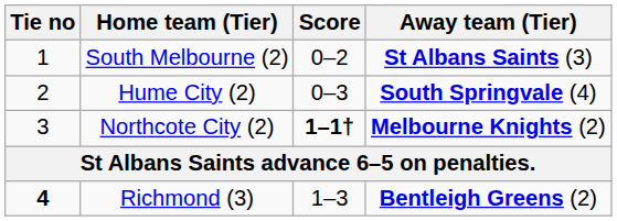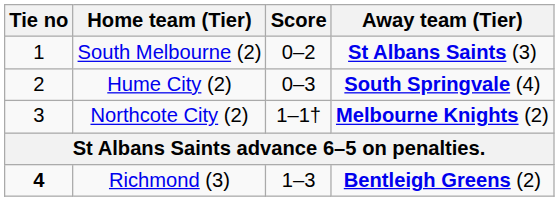 <table class="wikitable" style="text-align:center">
 <tr>
 <th>Tie no</th>
 <th>Home team (Tier)</th>
 <th>Score</th>
 <th>Away team (Tier)</th>
 </tr>
 <tr>
 <td>1</td>
 <td><a href='#'>South Melbourne</a> (2)</td>
 <td>0–2</td>
 <td><strong><a href='#'>St Albans Saints</a></strong> (3)</td>
 </tr>
 <tr>
 <td>2</td>
 <td><a href='#'>Hume City</a> (2)</td>
 <td>0–3</td>
 <td><strong><a href='#'>South Springvale</a></strong> (4)</td>
 </tr>
 <tr>
 <td>3</td>
 <td><a href='#'>Northcote City</a> (2)</td>
-<td><strong>1–1†</strong></td>
+<td>1–1†</td>
 <td><strong><a href='#'>Melbourne Knights</a></strong> (2)</td>
 </tr>
 <tr>
 <th colspan=4>St Albans Saints advance 6–5 on penalties.</th>
 </tr>
 <tr>
 <td><strong>4</strong></td>
 <td><a href='#'>Richmond</a> (3)</td>
 <td>1–3</td>
 <td><strong><a href='#'>Bentleigh Greens</a></strong> (2)</td>
 </tr>
 </table>
